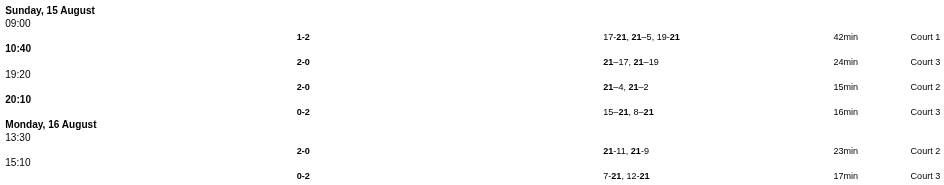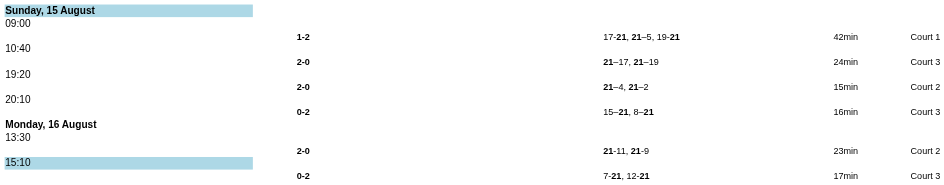 <table style="width:100%;" cellspacing="1">
 <tr>
 <th width=25%></th>
 <th width=10%></th>
 <th width=25%></th>
 </tr>
 <tr>
-<td><strong>Sunday, 15 August</strong></td>
+<td style="background: lightblue;"><strong>Sunday, 15 August</strong></td>
 </tr>
 <tr>
 <td>09:00</td>
 </tr>
 <tr style=font-size:90%>
 <td align=right></td>
 <td align=center><strong> 1-2 </strong></td>
 <td><strong></strong></td>
 <td>17-<strong>21</strong>, <strong>21</strong>–5, 19-<strong>21</strong></td>
 <td>42min</td>
 <td>Court 1</td>
 </tr>
 <tr>
-<td><strong>10:40</strong></td>
+<td>10:40</td>
 </tr>
 <tr style=font-size:90%>
 <td align=right><strong></strong></td>
 <td align=center><strong> 2-0 </strong></td>
 <td></td>
 <td><strong>21</strong>–17, <strong>21</strong>–19</td>
 <td>24min</td>
 <td>Court 3</td>
 </tr>
 <tr>
 <td>19:20</td>
 </tr>
 <tr style=font-size:90%>
 <td align=right><strong></strong></td>
 <td align=center><strong> 2-0 </strong></td>
 <td></td>
 <td><strong>21</strong>–4, <strong>21</strong>–2</td>
 <td>15min</td>
 <td>Court 2</td>
 </tr>
 <tr>
-<td><strong>20:10</strong></td>
+<td>20:10</td>
 </tr>
 <tr style=font-size:90%>
 <td align=right></td>
 <td align=center><strong> 0-2 </strong></td>
 <td><strong></strong></td>
 <td>15–<strong>21</strong>, 8–<strong>21</strong></td>
 <td>16min</td>
 <td>Court 3</td>
 </tr>
 <tr>
 <td><strong>Monday, 16 August</strong></td>
 </tr>
 <tr>
 <td>13:30</td>
 </tr>
 <tr style=font-size:90%>
 <td align=right><strong></strong></td>
 <td align=center><strong> 2-0 </strong></td>
 <td></td>
 <td><strong>21</strong>-11, <strong>21</strong>-9</td>
 <td>23min</td>
 <td>Court 2</td>
 </tr>
 <tr>
-<td>15:10</td>
+<td style="background: lightblue;">15:10</td>
 </tr>
 <tr style=font-size:90%>
 <td align=right></td>
 <td align=center><strong> 0-2 </strong></td>
 <td><strong></strong></td>
 <td>7-<strong>21</strong>, 12-<strong>21</strong></td>
 <td>17min</td>
 <td>Court 3</td>
 </tr>
 </table>
